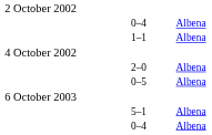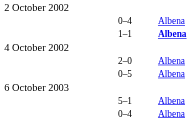 <table style="width:100%;" cellspacing="1">
 <tr>
 <th width=25%></th>
 <th width=10%></th>
 <th></th>
 </tr>
 <tr>
 <td>2 October 2002</td>
 </tr>
 <tr style=font-size:90%>
 <td align=right></td>
 <td align=center>0–4</td>
 <td></td>
 <td><a href='#'>Albena</a></td>
 </tr>
 <tr style=font-size:90%>
 <td align=right></td>
 <td align=center>1–1</td>
 <td></td>
-<td><a href='#'>Albena</a></td>
+<td><strong><a href='#'>Albena</a></strong></td>
 </tr>
 <tr>
 <td>4 October 2002</td>
 </tr>
 <tr style=font-size:90%>
 <td align=right></td>
 <td align=center>2–0</td>
 <td></td>
 <td><a href='#'>Albena</a></td>
 </tr>
 <tr style=font-size:90%>
 <td align=right></td>
 <td align=center>0–5</td>
 <td></td>
 <td><a href='#'>Albena</a></td>
 </tr>
 <tr>
 <td>6 October 2003</td>
 </tr>
 <tr style=font-size:90%>
 <td align=right></td>
 <td align=center>5–1</td>
 <td></td>
 <td><a href='#'>Albena</a></td>
 </tr>
 <tr style=font-size:90%>
 <td align=right></td>
 <td align=center>0–4</td>
 <td></td>
 <td><a href='#'>Albena</a></td>
 </tr>
 </table>
